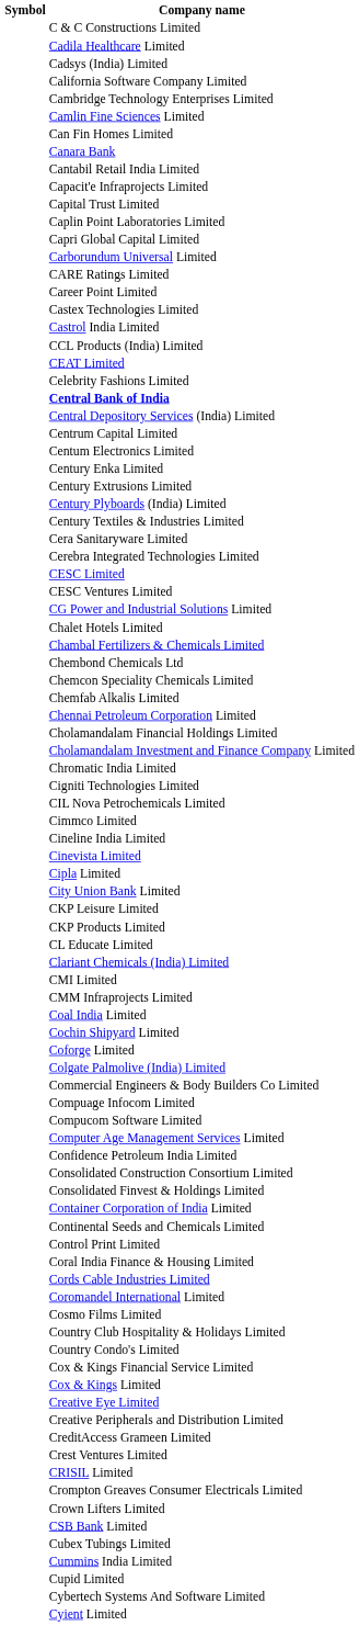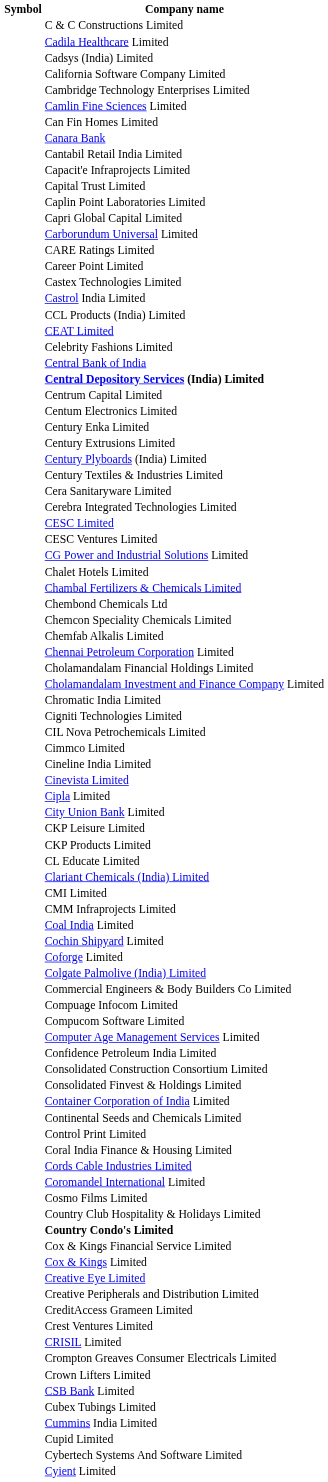 <table style="background:transparent;">
 <tr>
 <th>Symbol</th>
 <th>Company name</th>
 </tr>
 <tr>
 <td></td>
 <td>C & C Constructions Limited</td>
 </tr>
 <tr>
 <td></td>
 <td><a href='#'>Cadila Healthcare</a> Limited</td>
 </tr>
 <tr>
 <td></td>
 <td>Cadsys (India) Limited</td>
 </tr>
 <tr>
 <td></td>
 <td>California Software Company Limited</td>
 </tr>
 <tr>
 <td></td>
 <td>Cambridge Technology Enterprises Limited</td>
 </tr>
 <tr>
 <td></td>
 <td><a href='#'>Camlin Fine Sciences</a> Limited</td>
 </tr>
 <tr>
 <td></td>
 <td>Can Fin Homes Limited</td>
 </tr>
 <tr>
 <td></td>
 <td><a href='#'>Canara Bank</a></td>
 </tr>
 <tr>
 <td></td>
 <td>Cantabil Retail India Limited</td>
 </tr>
 <tr>
 <td></td>
 <td>Capacit'e Infraprojects Limited</td>
 </tr>
 <tr>
 <td></td>
 <td>Capital Trust Limited</td>
 </tr>
 <tr>
 <td></td>
 <td>Caplin Point Laboratories Limited</td>
 </tr>
 <tr>
 <td></td>
 <td>Capri Global Capital Limited</td>
 </tr>
 <tr>
 <td></td>
 <td><a href='#'>Carborundum Universal</a> Limited</td>
 </tr>
 <tr>
 <td></td>
 <td>CARE Ratings Limited</td>
 </tr>
 <tr>
 <td></td>
 <td>Career Point Limited</td>
 </tr>
 <tr>
 <td></td>
 <td>Castex Technologies Limited</td>
 </tr>
 <tr>
 <td></td>
 <td><a href='#'>Castrol</a> India Limited</td>
 </tr>
 <tr>
 <td></td>
 <td>CCL Products (India) Limited</td>
 </tr>
 <tr>
 <td></td>
 <td><a href='#'>CEAT Limited</a></td>
 </tr>
 <tr>
 <td></td>
 <td>Celebrity Fashions Limited</td>
 </tr>
 <tr>
 <td></td>
-<td><strong><a href='#'>Central Bank of India</a></strong></td>
+<td><a href='#'>Central Bank of India</a></td>
 </tr>
 <tr>
 <td></td>
-<td><a href='#'>Central Depository Services</a> (India) Limited</td>
+<td><strong><a href='#'>Central Depository Services</a> (India) Limited</strong></td>
 </tr>
 <tr>
 <td></td>
 <td>Centrum Capital Limited</td>
 </tr>
 <tr>
 <td></td>
 <td>Centum Electronics Limited</td>
 </tr>
 <tr>
 <td></td>
 <td>Century Enka Limited</td>
 </tr>
 <tr>
 <td></td>
 <td>Century Extrusions Limited</td>
 </tr>
 <tr>
 <td></td>
 <td><a href='#'>Century Plyboards</a> (India) Limited</td>
 </tr>
 <tr>
 <td></td>
 <td>Century Textiles & Industries Limited</td>
 </tr>
 <tr>
 <td></td>
 <td>Cera Sanitaryware Limited</td>
 </tr>
 <tr>
 <td></td>
 <td>Cerebra Integrated Technologies Limited</td>
 </tr>
 <tr>
 <td></td>
 <td><a href='#'>CESC Limited</a></td>
 </tr>
 <tr>
 <td></td>
 <td>CESC Ventures Limited</td>
 </tr>
 <tr>
 <td></td>
 <td><a href='#'>CG Power and Industrial Solutions</a> Limited</td>
 </tr>
 <tr>
 <td></td>
 <td>Chalet Hotels Limited</td>
 </tr>
 <tr>
 <td></td>
 <td><a href='#'>Chambal Fertilizers & Chemicals Limited</a></td>
 </tr>
 <tr>
 <td></td>
 <td>Chembond Chemicals Ltd</td>
 </tr>
 <tr>
 <td></td>
 <td>Chemcon Speciality Chemicals Limited</td>
 </tr>
 <tr>
 <td></td>
 <td>Chemfab Alkalis Limited</td>
 </tr>
 <tr>
 <td></td>
 <td><a href='#'>Chennai Petroleum Corporation</a> Limited</td>
 </tr>
 <tr>
 <td></td>
 <td>Cholamandalam Financial Holdings Limited</td>
 </tr>
 <tr>
 <td></td>
 <td><a href='#'>Cholamandalam Investment and Finance Company</a> Limited</td>
 </tr>
 <tr>
 <td></td>
 <td>Chromatic India Limited</td>
 </tr>
 <tr>
 <td></td>
 <td>Cigniti Technologies Limited</td>
 </tr>
 <tr>
 <td></td>
 <td>CIL Nova Petrochemicals Limited</td>
 </tr>
 <tr>
 <td></td>
 <td>Cimmco Limited</td>
 </tr>
 <tr>
 <td></td>
 <td>Cineline India Limited</td>
 </tr>
 <tr>
 <td></td>
 <td><a href='#'>Cinevista Limited</a></td>
 </tr>
 <tr>
 <td></td>
 <td><a href='#'>Cipla</a> Limited</td>
 </tr>
 <tr>
 <td></td>
 <td><a href='#'>City Union Bank</a> Limited</td>
 </tr>
 <tr>
 <td></td>
 <td>CKP Leisure Limited</td>
 </tr>
 <tr>
 <td></td>
 <td>CKP Products Limited</td>
 </tr>
 <tr>
 <td></td>
 <td>CL Educate Limited</td>
 </tr>
 <tr>
 <td></td>
 <td><a href='#'>Clariant Chemicals (India) Limited</a></td>
 </tr>
 <tr>
 <td></td>
 <td>CMI Limited</td>
 </tr>
 <tr>
 <td></td>
 <td>CMM Infraprojects Limited</td>
 </tr>
 <tr>
 <td></td>
 <td><a href='#'>Coal India</a> Limited</td>
 </tr>
 <tr>
 <td></td>
 <td><a href='#'>Cochin Shipyard</a> Limited</td>
 </tr>
 <tr>
 <td></td>
 <td><a href='#'>Coforge</a> Limited</td>
 </tr>
 <tr>
 <td></td>
 <td><a href='#'>Colgate Palmolive (India) Limited</a></td>
 </tr>
 <tr>
 <td></td>
 <td>Commercial Engineers & Body Builders Co Limited</td>
 </tr>
 <tr>
 <td></td>
 <td>Compuage Infocom Limited</td>
 </tr>
 <tr>
 <td></td>
 <td>Compucom Software Limited</td>
 </tr>
 <tr>
 <td></td>
 <td><a href='#'>Computer Age Management Services</a> Limited</td>
 </tr>
 <tr>
 <td></td>
 <td>Confidence Petroleum India Limited</td>
 </tr>
 <tr>
 <td></td>
 <td>Consolidated Construction Consortium Limited</td>
 </tr>
 <tr>
 <td></td>
 <td>Consolidated Finvest & Holdings Limited</td>
 </tr>
 <tr>
 <td></td>
 <td><a href='#'>Container Corporation of India</a> Limited</td>
 </tr>
 <tr>
 <td></td>
 <td>Continental Seeds and Chemicals Limited</td>
 </tr>
 <tr>
 <td></td>
 <td>Control Print Limited</td>
 </tr>
 <tr>
 <td></td>
 <td>Coral India Finance & Housing Limited</td>
 </tr>
 <tr>
 <td></td>
 <td><a href='#'>Cords Cable Industries Limited</a></td>
 </tr>
 <tr>
 <td></td>
 <td><a href='#'>Coromandel International</a> Limited</td>
 </tr>
 <tr>
 <td></td>
 <td>Cosmo Films Limited</td>
 </tr>
 <tr>
 <td></td>
 <td>Country Club Hospitality & Holidays Limited</td>
 </tr>
 <tr>
 <td></td>
-<td>Country Condo's Limited</td>
+<td><strong>Country Condo's Limited</strong></td>
 </tr>
 <tr>
 <td></td>
 <td>Cox & Kings Financial Service Limited</td>
 </tr>
 <tr>
 <td></td>
 <td><a href='#'>Cox & Kings</a> Limited</td>
 </tr>
 <tr>
 <td></td>
 <td><a href='#'>Creative Eye Limited</a></td>
 </tr>
 <tr>
 <td></td>
 <td>Creative Peripherals and Distribution Limited</td>
 </tr>
 <tr>
 <td></td>
 <td>CreditAccess Grameen Limited</td>
 </tr>
 <tr>
 <td></td>
 <td>Crest Ventures Limited</td>
 </tr>
 <tr>
 <td></td>
 <td><a href='#'>CRISIL</a> Limited</td>
 </tr>
 <tr>
 <td></td>
 <td>Crompton Greaves Consumer Electricals Limited</td>
 </tr>
 <tr>
 <td></td>
 <td>Crown Lifters Limited</td>
 </tr>
 <tr>
 <td></td>
 <td><a href='#'>CSB Bank</a> Limited</td>
 </tr>
 <tr>
 <td></td>
 <td>Cubex Tubings Limited</td>
 </tr>
 <tr>
 <td></td>
 <td><a href='#'>Cummins</a> India Limited</td>
 </tr>
 <tr>
 <td></td>
 <td>Cupid Limited</td>
 </tr>
 <tr>
 <td></td>
 <td>Cybertech Systems And Software Limited</td>
 </tr>
 <tr>
 <td></td>
 <td><a href='#'>Cyient</a> Limited</td>
 </tr>
 <tr>
 </tr>
 </table>
